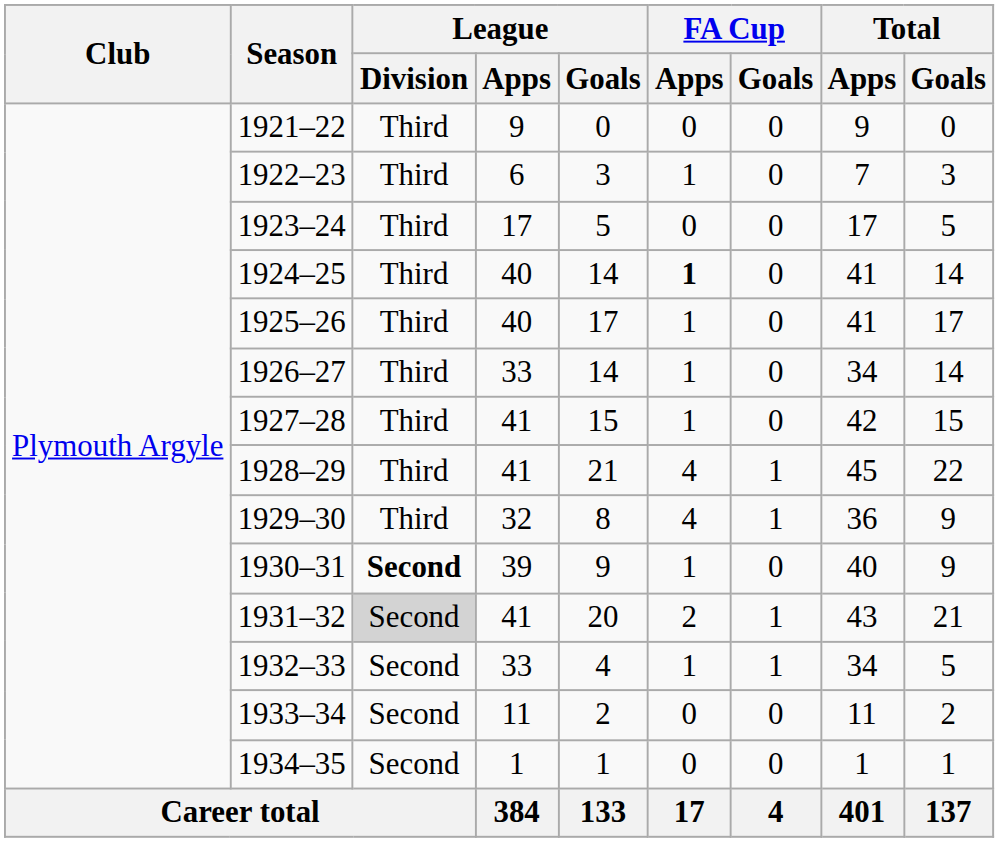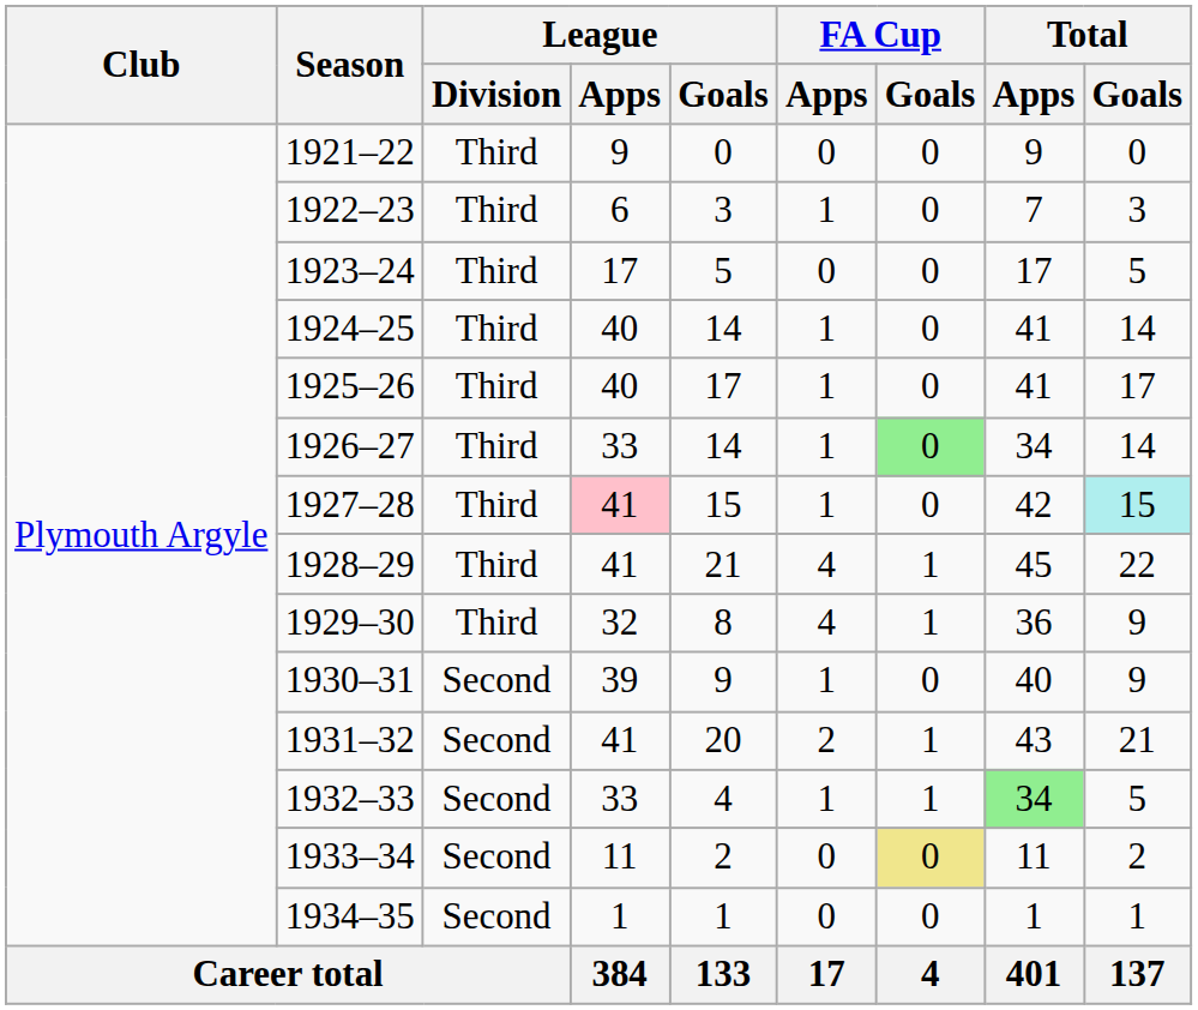 <table class="wikitable" style="text-align:center">
 <tr>
 <th rowspan="2">Club</th>
 <th rowspan="2">Season</th>
 <th colspan="3">League</th>
 <th colspan="2"><a href='#'>FA Cup</a></th>
 <th colspan="2">Total</th>
 </tr>
 <tr>
 <th>Division</th>
 <th>Apps</th>
 <th>Goals</th>
 <th>Apps</th>
 <th>Goals</th>
 <th>Apps</th>
 <th>Goals</th>
 </tr>
 <tr>
 <td rowspan="14"><a href='#'>Plymouth Argyle</a></td>
 <td>1921–22</td>
 <td>Third</td>
 <td>9</td>
 <td>0</td>
 <td>0</td>
 <td>0</td>
 <td>9</td>
 <td>0</td>
 </tr>
 <tr>
 <td>1922–23</td>
 <td>Third</td>
 <td>6</td>
 <td>3</td>
 <td>1</td>
 <td>0</td>
 <td>7</td>
 <td>3</td>
 </tr>
 <tr>
 <td>1923–24</td>
 <td>Third</td>
 <td>17</td>
 <td>5</td>
 <td>0</td>
 <td>0</td>
 <td>17</td>
 <td>5</td>
 </tr>
 <tr>
 <td>1924–25</td>
 <td>Third</td>
 <td>40</td>
 <td>14</td>
-<td><strong>1</strong></td>
+<td>1</td>
 <td>0</td>
 <td>41</td>
 <td>14</td>
 </tr>
 <tr>
 <td>1925–26</td>
 <td>Third</td>
 <td>40</td>
 <td>17</td>
 <td>1</td>
 <td>0</td>
 <td>41</td>
 <td>17</td>
 </tr>
 <tr>
 <td>1926–27</td>
 <td>Third</td>
 <td>33</td>
 <td>14</td>
 <td>1</td>
-<td>0</td>
+<td style="background: lightgreen;">0</td>
 <td>34</td>
 <td>14</td>
 </tr>
 <tr>
 <td>1927–28</td>
 <td>Third</td>
-<td>41</td>
+<td style="background: pink;">41</td>
 <td>15</td>
 <td>1</td>
 <td>0</td>
 <td>42</td>
-<td>15</td>
+<td style="background: paleturquoise;">15</td>
 </tr>
 <tr>
 <td>1928–29</td>
 <td>Third</td>
 <td>41</td>
 <td>21</td>
 <td>4</td>
 <td>1</td>
 <td>45</td>
 <td>22</td>
 </tr>
 <tr>
 <td>1929–30</td>
 <td>Third</td>
 <td>32</td>
 <td>8</td>
 <td>4</td>
 <td>1</td>
 <td>36</td>
 <td>9</td>
 </tr>
 <tr>
 <td>1930–31</td>
-<td><strong>Second</strong></td>
+<td>Second</td>
 <td>39</td>
 <td>9</td>
 <td>1</td>
 <td>0</td>
 <td>40</td>
 <td>9</td>
 </tr>
 <tr>
 <td>1931–32</td>
-<td style="background: lightgrey;">Second</td>
+<td>Second</td>
 <td>41</td>
 <td>20</td>
 <td>2</td>
 <td>1</td>
 <td>43</td>
 <td>21</td>
 </tr>
 <tr>
 <td>1932–33</td>
 <td>Second</td>
 <td>33</td>
 <td>4</td>
 <td>1</td>
 <td>1</td>
-<td>34</td>
+<td style="background: lightgreen;">34</td>
 <td>5</td>
 </tr>
 <tr>
 <td>1933–34</td>
 <td>Second</td>
 <td>11</td>
 <td>2</td>
 <td>0</td>
-<td>0</td>
+<td style="background: khaki;">0</td>
 <td>11</td>
 <td>2</td>
 </tr>
 <tr>
 <td>1934–35</td>
 <td>Second</td>
 <td>1</td>
 <td>1</td>
 <td>0</td>
 <td>0</td>
 <td>1</td>
 <td>1</td>
 </tr>
 <tr>
 <th colspan="3">Career total</th>
 <th>384</th>
 <th>133</th>
 <th>17</th>
 <th>4</th>
 <th>401</th>
 <th>137</th>
 </tr>
 </table>
